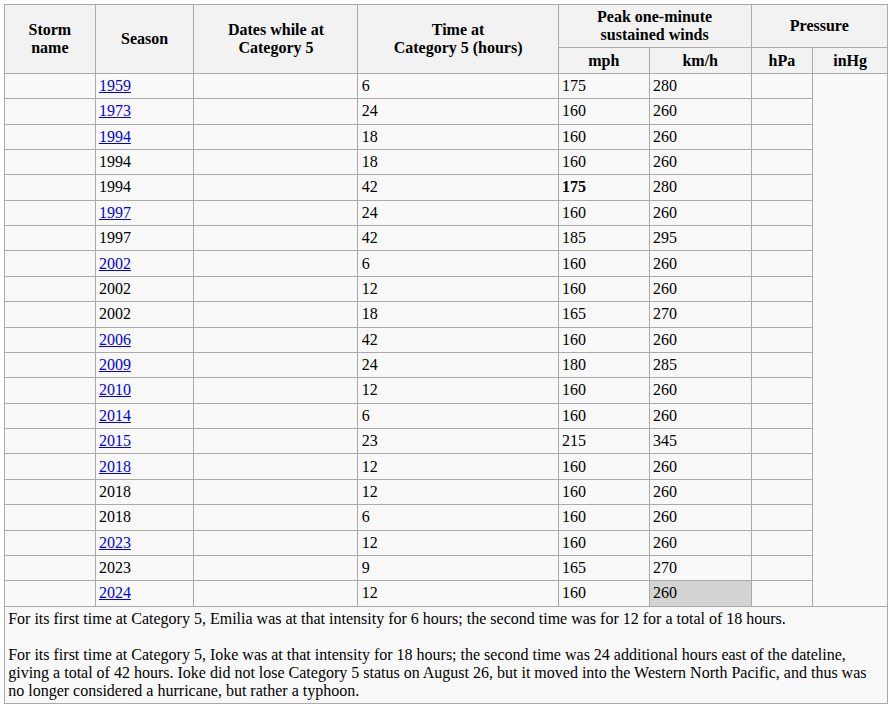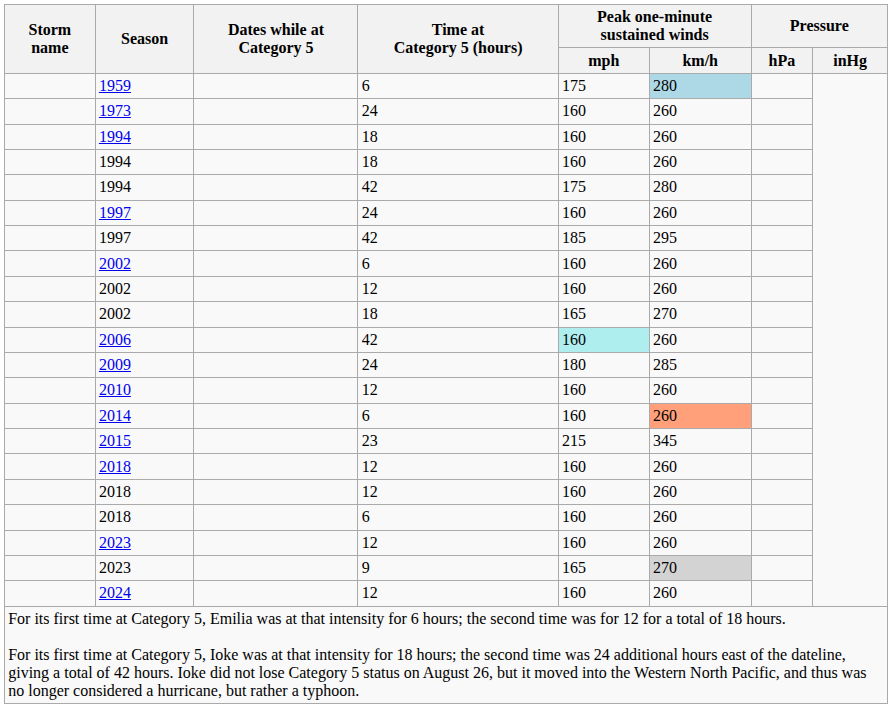 <table class="wikitable sortable" style="margin:1em auto;">
 <tr>
 <th scope="col" rowspan=2>Storm<br>name</th>
 <th scope="col" rowspan=2>Season</th>
 <th scope="col" rowspan=2>Dates while at<br>Category 5</th>
 <th scope="col" rowspan=2>Time at<br>Category 5 (hours)</th>
 <th scope="col" colspan=2>Peak one-minute<br>sustained winds</th>
 <th scope="col" colspan=2>Pressure</th>
 </tr>
 <tr>
 <th>mph</th>
 <th>km/h</th>
 <th>hPa</th>
 <th>inHg</th>
 </tr>
 <tr>
 <td></td>
 <td> <a href='#'>1959</a></td>
 <td></td>
 <td> 6</td>
 <td>175</td>
-<td>280</td>
+<td style="background: lightblue;">280</td>
 <td></td>
 </tr>
 <tr>
 <td></td>
 <td> <a href='#'>1973</a></td>
 <td></td>
 <td> 24</td>
 <td>160</td>
 <td>260</td>
 <td></td>
 </tr>
 <tr>
 <td></td>
 <td> <a href='#'>1994</a></td>
 <td></td>
 <td> 18</td>
 <td>160</td>
 <td>260</td>
 <td></td>
 </tr>
 <tr>
 <td></td>
 <td> 1994</td>
 <td></td>
 <td> 18</td>
 <td>160</td>
 <td>260</td>
 <td></td>
 </tr>
 <tr>
 <td></td>
 <td> 1994</td>
 <td></td>
 <td> 42</td>
-<td><strong>175</strong></td>
+<td>175</td>
 <td>280</td>
 <td></td>
 </tr>
 <tr>
 <td></td>
 <td> <a href='#'>1997</a></td>
 <td></td>
 <td> 24</td>
 <td>160</td>
 <td>260</td>
 <td></td>
 </tr>
 <tr>
 <td></td>
 <td> 1997</td>
 <td></td>
 <td> 42</td>
 <td>185</td>
 <td>295</td>
 <td></td>
 </tr>
 <tr>
 <td></td>
 <td> <a href='#'>2002</a></td>
 <td></td>
 <td> 6</td>
 <td>160</td>
 <td>260</td>
 <td></td>
 </tr>
 <tr>
 <td></td>
 <td> 2002</td>
 <td></td>
 <td> 12</td>
 <td>160</td>
 <td>260</td>
 <td></td>
 </tr>
 <tr>
 <td></td>
 <td> 2002</td>
 <td></td>
 <td> 18</td>
 <td>165</td>
 <td>270</td>
 <td></td>
 </tr>
 <tr>
 <td></td>
 <td> <a href='#'>2006</a></td>
 <td></td>
 <td> 42</td>
-<td>160</td>
+<td style="background: paleturquoise;">160</td>
 <td>260</td>
 <td></td>
 </tr>
 <tr>
 <td></td>
 <td> <a href='#'>2009</a></td>
 <td></td>
 <td> 24</td>
 <td>180</td>
 <td>285</td>
 <td></td>
 </tr>
 <tr>
 <td></td>
 <td> <a href='#'>2010</a></td>
 <td></td>
 <td> 12</td>
 <td>160</td>
 <td>260</td>
 <td></td>
 </tr>
 <tr>
 <td></td>
 <td> <a href='#'>2014</a></td>
 <td></td>
 <td> 6</td>
 <td>160</td>
-<td>260</td>
+<td style="background: lightsalmon;">260</td>
 <td></td>
 </tr>
 <tr>
 <td></td>
 <td> <a href='#'>2015</a></td>
 <td></td>
 <td> 23</td>
 <td>215</td>
 <td>345</td>
 <td></td>
 </tr>
 <tr>
 <td></td>
 <td> <a href='#'>2018</a></td>
 <td></td>
 <td> 12</td>
 <td>160</td>
 <td>260</td>
 <td></td>
 </tr>
 <tr>
 <td></td>
 <td> 2018</td>
 <td></td>
 <td> 12</td>
 <td>160</td>
 <td>260</td>
 <td></td>
 </tr>
 <tr>
 <td></td>
 <td> 2018</td>
 <td></td>
 <td> 6</td>
 <td>160</td>
 <td>260</td>
 <td></td>
 </tr>
 <tr>
 <td></td>
 <td> <a href='#'>2023</a></td>
 <td></td>
 <td> 12</td>
 <td>160</td>
 <td>260</td>
 <td></td>
 </tr>
 <tr>
 <td></td>
 <td> 2023</td>
 <td></td>
 <td> 9</td>
 <td>165</td>
-<td>270</td>
+<td style="background: lightgrey;">270</td>
 <td></td>
 </tr>
 <tr>
 <td></td>
 <td> <a href='#'>2024</a></td>
 <td></td>
 <td> 12</td>
 <td>160</td>
-<td style="background: lightgrey;">260</td>
+<td>260</td>
 <td></td>
 </tr>
 <tr class="sortbottom">
 <td colspan=10> For its first time at Category 5, Emilia was at that intensity for 6 hours; the second time was for 12 for a total of 18 hours.<br><br> For its first time at Category 5, Ioke was at that intensity for 18 hours; the second time was 24 additional hours east of the dateline, giving a total of 42 hours. Ioke did not lose Category 5 status on August 26, but it moved into the Western North Pacific, and thus was no longer considered a hurricane, but rather a typhoon.</td>
 </tr>
 </table>
